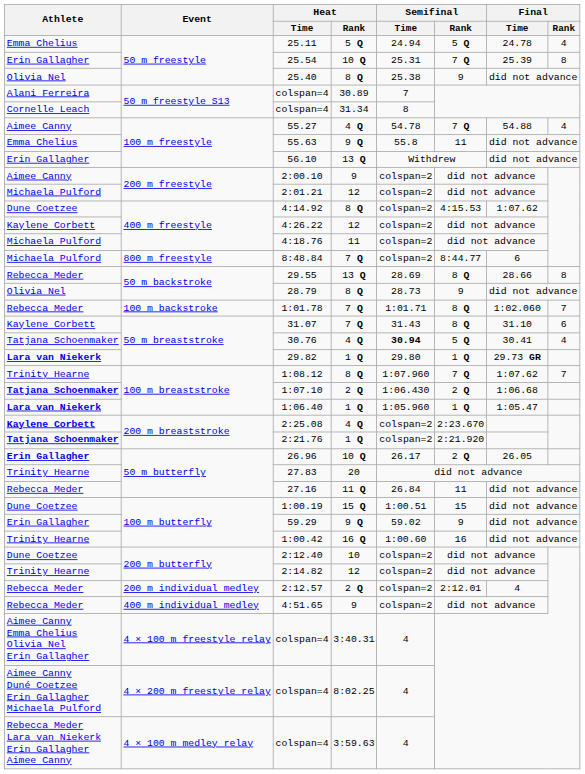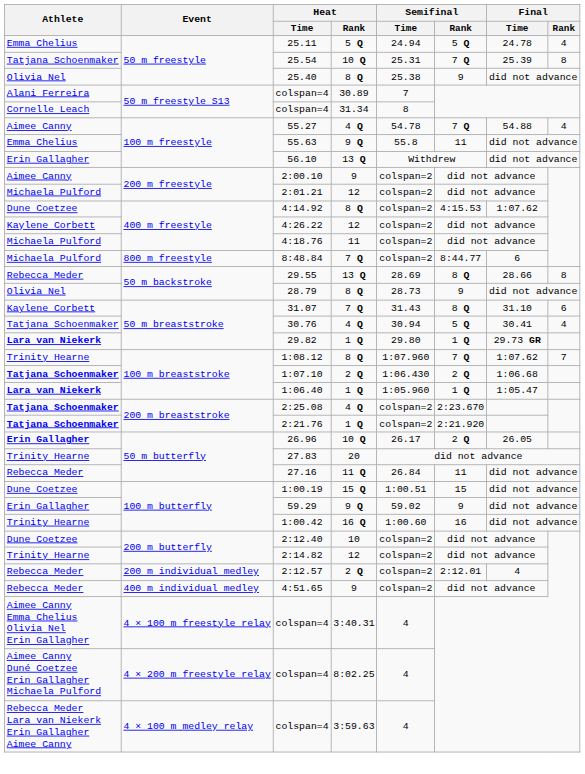 <table class=wikitable style=font-size:90%>
 <tr>
 <th rowspan=2>Athlete</th>
 <th rowspan=2>Event</th>
 <th colspan=2>Heat</th>
 <th colspan=2>Semifinal</th>
 <th colspan=2>Final</th>
 </tr>
 <tr style=font-size:95%>
 <th>Time</th>
 <th>Rank</th>
 <th>Time</th>
 <th>Rank</th>
 <th>Time</th>
 <th>Rank</th>
 </tr>
 <tr align=center>
 <td align=left><a href='#'>Emma Chelius</a></td>
 <td align=left rowspan="3"><a href='#'>50 m freestyle</a></td>
 <td>25.11</td>
 <td>5 <strong>Q</strong></td>
 <td>24.94</td>
 <td>5 <strong>Q</strong></td>
 <td>24.78</td>
 <td>4</td>
 </tr>
 <tr align=center>
-<td align=left><a href='#'>Erin Gallagher</a></td>
+<td align=left><a href='#'>Tatjana Schoenmaker</a></td>
 <td>25.54</td>
 <td>10 <strong>Q</strong></td>
 <td>25.31</td>
 <td>7 <strong>Q</strong></td>
 <td>25.39</td>
 <td>8</td>
 </tr>
 <tr align=center>
 <td align=left><a href='#'>Olivia Nel</a></td>
 <td>25.40</td>
 <td>8 <strong>Q</strong></td>
 <td>25.38</td>
 <td>9</td>
 <td colspan=2>did not advance</td>
 </tr>
 <tr align=center>
 <td align=left><a href='#'>Alani Ferreira</a></td>
 <td align=left rowspan="2"><a href='#'>50 m freestyle S13</a></td>
 <td>colspan=4 </td>
 <td>30.89</td>
 <td>7</td>
 </tr>
 <tr align=center>
 <td align=left><a href='#'>Cornelle Leach</a></td>
 <td>colspan=4 </td>
 <td>31.34</td>
 <td>8</td>
 </tr>
 <tr align=center>
 <td align=left><a href='#'>Aimee Canny</a></td>
 <td align=left rowspan="3"><a href='#'>100 m freestyle</a></td>
 <td>55.27</td>
 <td>4 <strong>Q</strong></td>
 <td>54.78</td>
 <td>7 <strong>Q</strong></td>
 <td>54.88</td>
 <td>4</td>
 </tr>
 <tr align=center>
 <td align=left><a href='#'>Emma Chelius</a></td>
 <td>55.63</td>
 <td>9 <strong>Q</strong></td>
 <td>55.8</td>
 <td>11</td>
 <td colspan=2>did not advance</td>
 </tr>
 <tr align=center>
 <td align=left><a href='#'>Erin Gallagher</a></td>
 <td>56.10</td>
 <td>13 <strong>Q</strong></td>
 <td colspan=2>Withdrew</td>
 <td colspan=2>did not advance</td>
 </tr>
 <tr align=center>
 <td align=left><a href='#'>Aimee Canny</a></td>
 <td align=left rowspan="2"><a href='#'>200 m freestyle</a></td>
 <td>2:00.10</td>
 <td>9</td>
 <td>colspan=2 </td>
 <td colspan=2>did not advance</td>
 </tr>
 <tr align=center>
 <td align=left><a href='#'>Michaela Pulford</a></td>
 <td>2:01.21</td>
 <td>12</td>
 <td>colspan=2 </td>
 <td colspan=2>did not advance</td>
 </tr>
 <tr align=center>
 <td align=left><a href='#'>Dune Coetzee</a></td>
 <td align=left rowspan="3"><a href='#'>400 m freestyle</a></td>
 <td>4:14.92</td>
 <td>8 <strong>Q</strong></td>
 <td>colspan=2 </td>
 <td>4:15.53</td>
 <td>1:07.62</td>
 </tr>
 <tr align=center>
 <td align=left><a href='#'>Kaylene Corbett</a></td>
 <td>4:26.22</td>
 <td>12</td>
 <td>colspan=2 </td>
 <td colspan=2>did not advance</td>
 </tr>
 <tr align=center>
 <td align=left><a href='#'>Michaela Pulford</a></td>
 <td>4:18.76</td>
 <td>11</td>
 <td>colspan=2 </td>
 <td colspan=2>did not advance</td>
 </tr>
 <tr align=center>
 <td align=left><a href='#'>Michaela Pulford</a></td>
 <td align=left rowspan="1"><a href='#'>800 m freestyle</a></td>
 <td>8:48.84</td>
 <td>7 <strong>Q</strong></td>
 <td>colspan=2 </td>
 <td>8:44.77</td>
 <td>6</td>
 </tr>
 <tr align=center>
 <td align=left><a href='#'>Rebecca Meder</a></td>
 <td align=left rowspan="2"><a href='#'>50 m backstroke</a></td>
 <td>29.55</td>
 <td>13 <strong>Q</strong></td>
 <td>28.69</td>
 <td>8 <strong>Q</strong></td>
 <td>28.66</td>
 <td>8</td>
 </tr>
 <tr align=center>
 <td align=left><a href='#'>Olivia Nel</a></td>
 <td>28.79</td>
 <td>8 <strong>Q</strong></td>
 <td>28.73</td>
 <td>9</td>
 <td colspan=2>did not advance</td>
 </tr>
 <tr align=center>
-<td align=left><a href='#'>Rebecca Meder</a></td>
-<td align=left rowspan="1"><a href='#'>100 m backstroke</a></td>
-<td>1:01.78</td>
-<td>7 <strong>Q</strong></td>
-<td>1:01.71</td>
-<td>8 <strong>Q</strong></td>
-<td>1:02.060</td>
-<td>7</td>
-</tr>
-<tr align=center>
 <td align=left><a href='#'>Kaylene Corbett</a></td>
 <td align=left rowspan="3"><a href='#'>50 m breaststroke</a></td>
 <td>31.07</td>
 <td>7 <strong>Q</strong></td>
 <td>31.43</td>
 <td>8 <strong>Q</strong></td>
 <td>31.10</td>
 <td>6</td>
 </tr>
 <tr align=center>
 <td align=left><a href='#'>Tatjana Schoenmaker</a></td>
 <td>30.76</td>
 <td>4 <strong>Q</strong></td>
-<td><strong>30.94</strong></td>
+<td>30.94</td>
 <td>5 <strong>Q</strong></td>
 <td>30.41</td>
 <td>4</td>
 </tr>
 <tr align=center>
 <td align=left><strong><a href='#'>Lara van Niekerk</a></strong></td>
 <td>29.82</td>
 <td>1 <strong>Q</strong></td>
 <td>29.80</td>
 <td>1 <strong>Q</strong></td>
 <td>29.73 <strong>GR</strong></td>
 <td></td>
 </tr>
 <tr align=center>
 <td align=left><a href='#'>Trinity Hearne</a></td>
 <td align=left rowspan="3"><a href='#'>100 m breaststroke</a></td>
 <td>1:08.12</td>
 <td>8 <strong>Q</strong></td>
 <td>1:07.960</td>
 <td>7 <strong>Q</strong></td>
 <td>1:07.62</td>
 <td>7</td>
 </tr>
 <tr align=center>
 <td align=left><strong><a href='#'>Tatjana Schoenmaker</a></strong></td>
 <td>1:07.10</td>
 <td>2 <strong>Q</strong></td>
 <td>1:06.430</td>
 <td>2 <strong>Q</strong></td>
 <td>1:06.68</td>
 <td></td>
 </tr>
 <tr align=center>
 <td align=left><strong><a href='#'>Lara van Niekerk</a></strong></td>
 <td>1:06.40</td>
 <td>1 <strong>Q</strong></td>
 <td>1:05.960</td>
 <td>1 <strong>Q</strong></td>
 <td>1:05.47</td>
 <td></td>
 </tr>
 <tr align=center>
-<td align=left><strong><a href='#'>Kaylene Corbett</a></strong></td>
+<td align=left><strong><a href='#'>Tatjana Schoenmaker</a></strong></td>
 <td align=left rowspan="2"><a href='#'>200 m breaststroke</a></td>
 <td>2:25.08</td>
 <td>4 <strong>Q</strong></td>
 <td>colspan=2 </td>
 <td>2:23.670</td>
 <td></td>
 </tr>
 <tr align=center>
 <td align=left><strong><a href='#'>Tatjana Schoenmaker</a></strong></td>
 <td>2:21.76</td>
 <td>1 <strong>Q</strong></td>
 <td>colspan=2 </td>
 <td>2:21.920</td>
 <td></td>
 </tr>
 <tr align=center>
 <td align=left><strong><a href='#'>Erin Gallagher</a></strong></td>
 <td align=left rowspan="3"><a href='#'>50 m butterfly</a></td>
 <td>26.96</td>
 <td>10 <strong>Q</strong></td>
 <td>26.17</td>
 <td>2 <strong>Q</strong></td>
 <td>26.05</td>
 <td></td>
 </tr>
 <tr align=center>
 <td align=left><a href='#'>Trinity Hearne</a></td>
 <td>27.83</td>
 <td>20</td>
 <td colspan=4>did not advance</td>
 </tr>
 <tr align=center>
 <td align=left><a href='#'>Rebecca Meder</a></td>
 <td>27.16</td>
 <td>11 <strong>Q</strong></td>
 <td>26.84</td>
 <td>11</td>
 <td colspan=2>did not advance</td>
 </tr>
 <tr align=center>
 <td align=left><a href='#'>Dune Coetzee</a></td>
 <td align=left rowspan="3"><a href='#'>100 m butterfly</a></td>
 <td>1:00.19</td>
 <td>15 <strong>Q</strong></td>
 <td>1:00.51</td>
 <td>15</td>
 <td colspan=2>did not advance</td>
 </tr>
 <tr align=center>
 <td align=left><a href='#'>Erin Gallagher</a></td>
 <td>59.29</td>
 <td>9 <strong>Q</strong></td>
 <td>59.02</td>
 <td>9</td>
 <td colspan=2>did not advance</td>
 </tr>
 <tr align=center>
 <td align=left><a href='#'>Trinity Hearne</a></td>
 <td>1:00.42</td>
 <td>16 <strong>Q</strong></td>
 <td>1:00.60</td>
 <td>16</td>
 <td colspan=2>did not advance</td>
 </tr>
 <tr align=center>
 <td align=left><a href='#'>Dune Coetzee</a></td>
 <td align=left rowspan="2"><a href='#'>200 m butterfly</a></td>
 <td>2:12.40</td>
 <td>10</td>
 <td>colspan=2 </td>
 <td colspan=2>did not advance</td>
 </tr>
 <tr align=center>
 <td align=left><a href='#'>Trinity Hearne</a></td>
 <td>2:14.82</td>
 <td>12</td>
 <td>colspan=2 </td>
 <td colspan=2>did not advance</td>
 </tr>
 <tr align=center>
 <td align=left><a href='#'>Rebecca Meder</a></td>
 <td align=left rowspan="1"><a href='#'>200 m individual medley</a></td>
 <td>2:12.57</td>
 <td>2 <strong>Q</strong></td>
 <td>colspan=2 </td>
 <td>2:12.01</td>
 <td>4</td>
 </tr>
 <tr align=center>
 <td align=left><a href='#'>Rebecca Meder</a></td>
 <td align=left rowspan="1"><a href='#'>400 m individual medley</a></td>
 <td>4:51.65</td>
 <td>9</td>
 <td>colspan=2 </td>
 <td colspan=2>did not advance</td>
 </tr>
 <tr align=center>
 <td align=left><a href='#'>Aimee Canny</a><br><a href='#'>Emma Chelius</a><br><a href='#'>Olivia Nel</a><br><a href='#'>Erin Gallagher</a></td>
 <td align=left><a href='#'>4 × 100 m freestyle relay</a></td>
 <td>colspan=4 </td>
 <td>3:40.31</td>
 <td>4</td>
 </tr>
 <tr align=center>
 <td align=left><a href='#'>Aimee Canny</a><br><a href='#'>Duné Coetzee</a><br><a href='#'>Erin Gallagher</a><br><a href='#'>Michaela Pulford</a></td>
 <td align=left><a href='#'>4 × 200 m freestyle relay</a></td>
 <td>colspan=4 </td>
 <td>8:02.25</td>
 <td>4</td>
 </tr>
 <tr align=center>
 <td align=left><a href='#'>Rebecca Meder</a><br><a href='#'>Lara van Niekerk</a><br><a href='#'>Erin Gallagher</a><br><a href='#'>Aimee Canny</a></td>
 <td align=left><a href='#'>4 × 100 m medley relay</a></td>
 <td>colspan=4 </td>
 <td>3:59.63</td>
 <td>4</td>
 </tr>
 </table>
